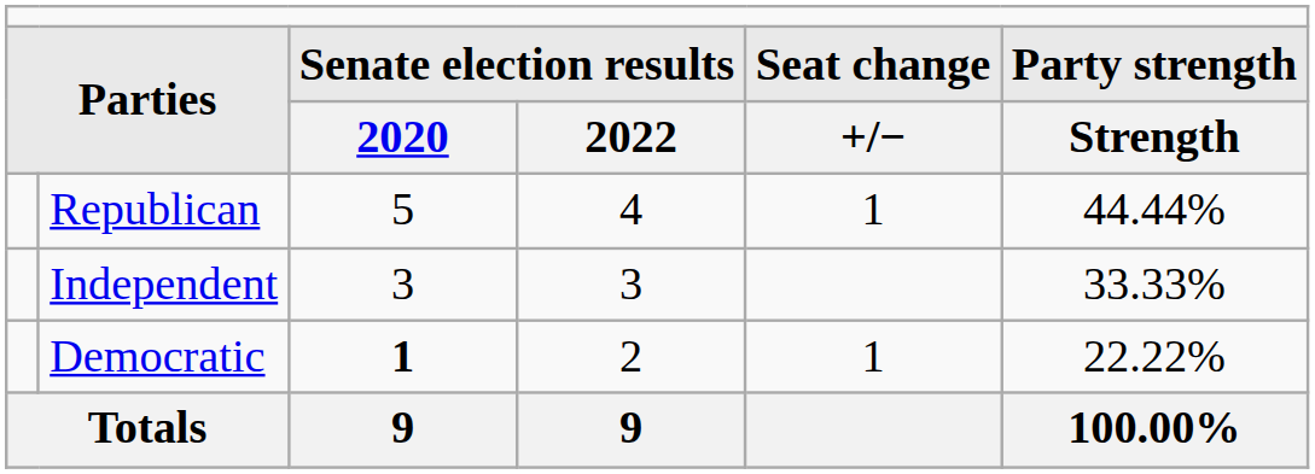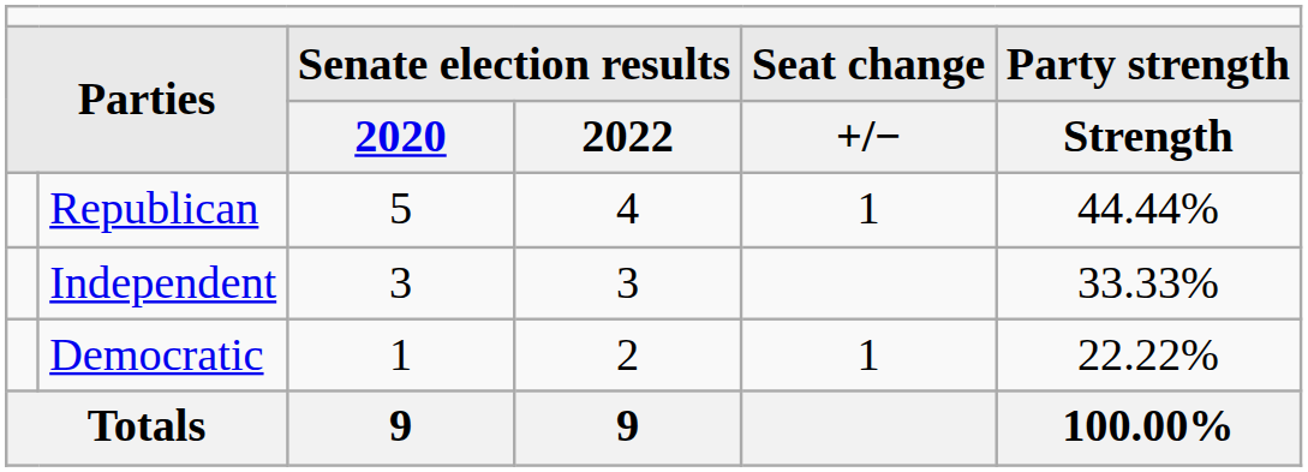 <table class   ="wikitable">
 <tr>
 <td colspan="6"></td>
 </tr>
 <tr>
 <th style   ="background:#e9e9e9; text-align:center" rowspan="2" colspan="2">Parties</th>
 <th style   ="background:#e9e9e9; text-align:center" colspan="2">Senate election results</th>
 <th style   ="background:#e9e9e9; text-align:center" colspan="1">Seat change</th>
 <th style   ="background:#e9e9e9; text-align:center" colspan="1">Party strength</th>
 </tr>
 <tr style ="background:#e9e9e9">
 <th><a href='#'>2020</a></th>
 <th>2022</th>
 <th>+/−</th>
 <th>Strength</th>
 </tr>
 <tr>
 <td style="background-color:"> </td>
 <td><a href='#'>Republican</a></td>
 <td align = center>5</td>
 <td align = center>4</td>
 <td align = center>1 </td>
 <td align = center>44.44%</td>
 </tr>
 <tr>
 <td style="background-color:"> </td>
 <td><a href='#'>Independent</a></td>
 <td align = center>3</td>
 <td align = center>3</td>
 <td align = center></td>
 <td align = center>33.33%</td>
 </tr>
 <tr>
 <td style="background-color:"> </td>
 <td><a href='#'>Democratic</a></td>
-<td align = center><strong>1</strong></td>
+<td align = center>1</td>
 <td align = center>2</td>
 <td align = center>1 </td>
 <td align = center>22.22%</td>
 </tr>
 <tr style = "background:#ccc">
 <th colspan = "2">Totals</th>
 <th>9</th>
 <th>9</th>
 <th></th>
 <th>100.00%</th>
 </tr>
 </table>
